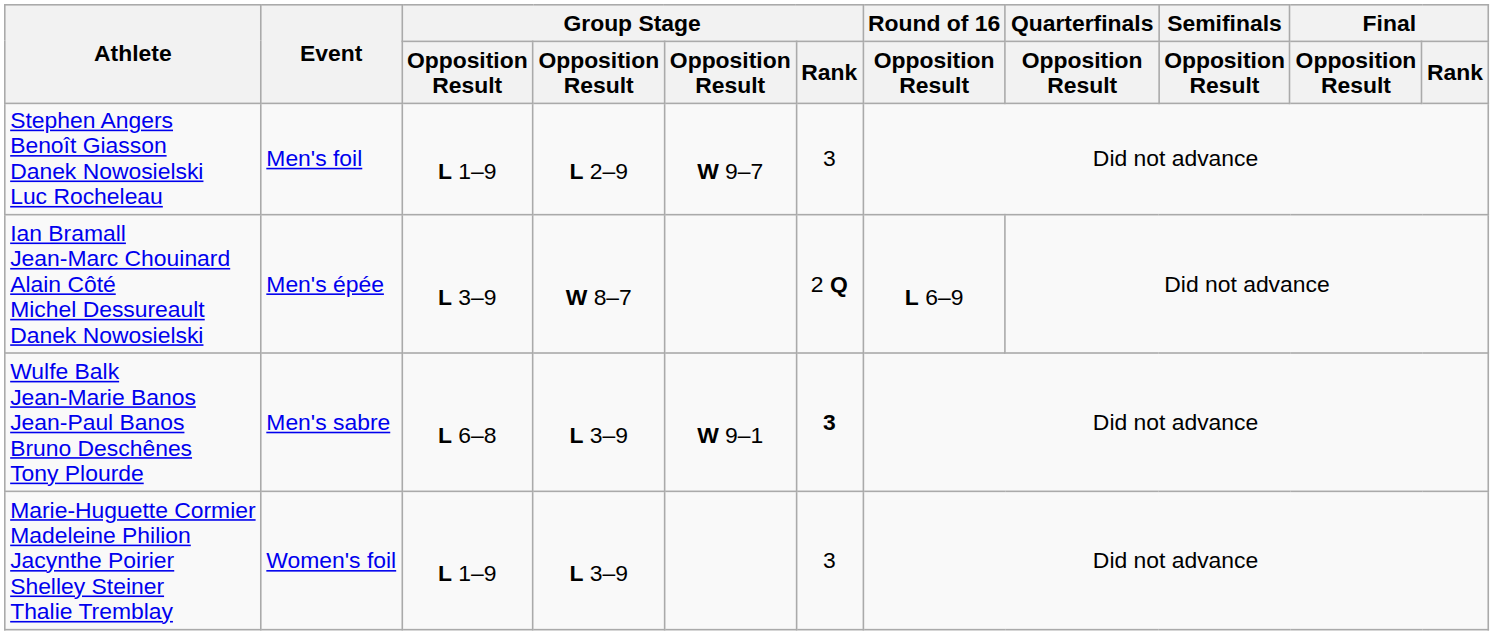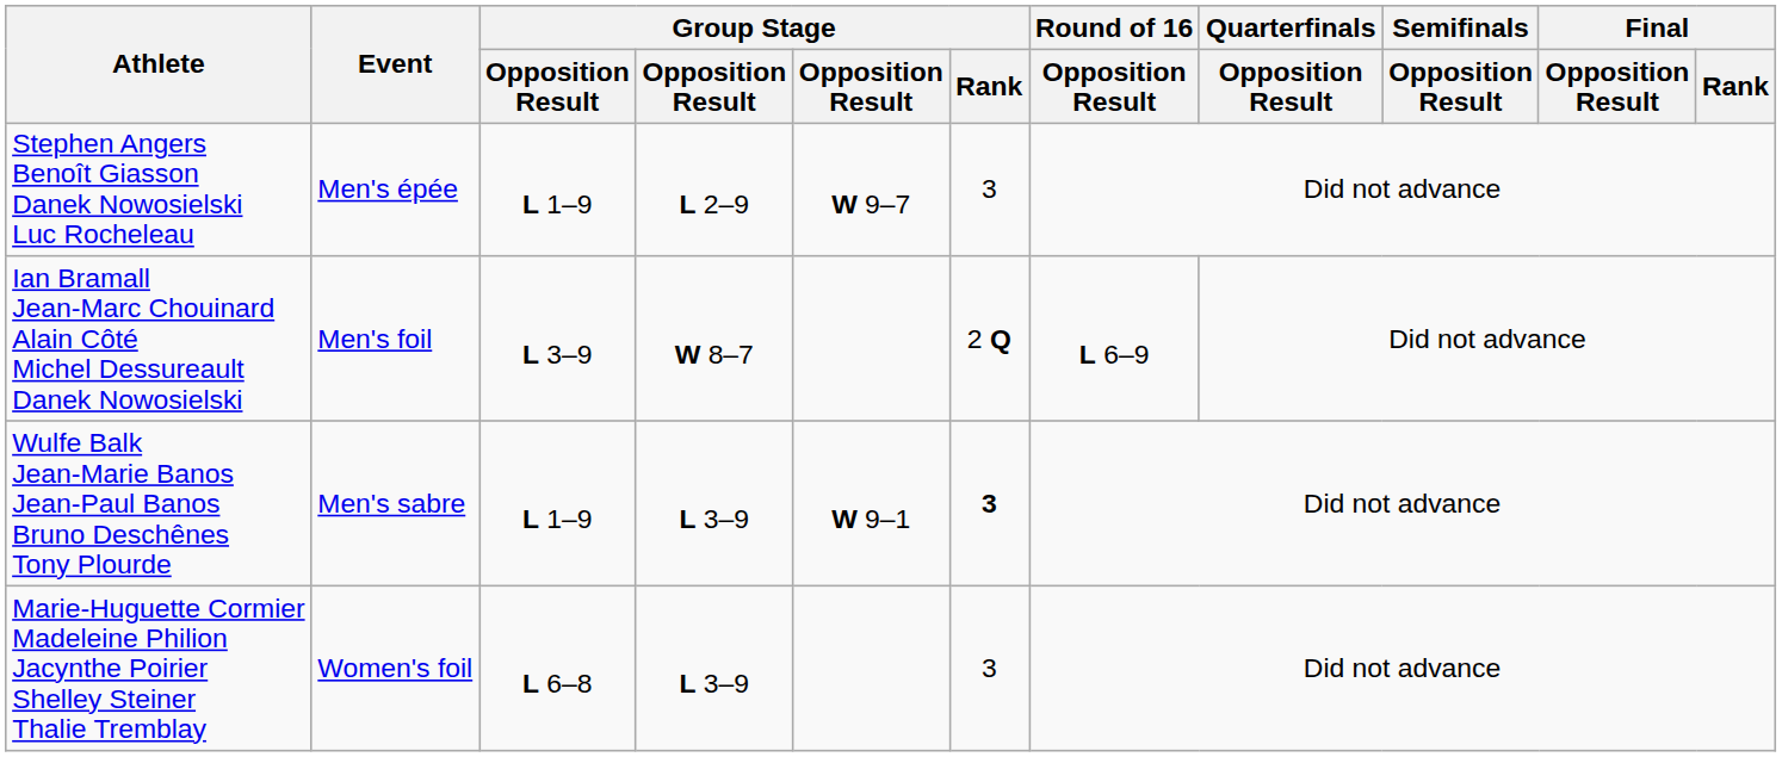 <table class=wikitable style="font-size:90%">
 <tr>
 <th rowspan="2">Athlete</th>
 <th rowspan="2">Event</th>
 <th colspan="4">Group Stage</th>
 <th>Round of 16</th>
 <th>Quarterfinals</th>
 <th>Semifinals</th>
 <th colspan="2">Final</th>
 </tr>
 <tr>
 <th>Opposition<br>Result</th>
 <th>Opposition<br>Result</th>
 <th>Opposition<br>Result</th>
 <th>Rank</th>
 <th>Opposition<br>Result</th>
 <th>Opposition<br>Result</th>
 <th>Opposition<br>Result</th>
 <th>Opposition<br>Result</th>
 <th>Rank</th>
 </tr>
 <tr align=center>
 <td align=left><a href='#'>Stephen Angers</a><br><a href='#'>Benoît Giasson</a><br><a href='#'>Danek Nowosielski</a><br><a href='#'>Luc Rocheleau</a></td>
-<td align=left><a href='#'>Men's foil</a></td>
+<td align=left><a href='#'>Men's épée</a></td>
 <td><br><strong>L</strong> 1–9</td>
 <td><br><strong>L</strong> 2–9</td>
 <td><br><strong>W</strong> 9–7</td>
 <td>3</td>
 <td colspan=5>Did not advance</td>
 </tr>
 <tr align=center>
 <td align=left><a href='#'>Ian Bramall</a><br><a href='#'>Jean-Marc Chouinard</a><br><a href='#'>Alain Côté</a><br><a href='#'>Michel Dessureault</a><br><a href='#'>Danek Nowosielski</a></td>
-<td align=left><a href='#'>Men's épée</a></td>
+<td align=left><a href='#'>Men's foil</a></td>
 <td><br><strong>L</strong> 3–9</td>
 <td><br><strong>W</strong> 8–7</td>
 <td></td>
 <td>2 <strong>Q</strong></td>
 <td><br><strong>L</strong> 6–9</td>
 <td colspan=4>Did not advance</td>
 </tr>
 <tr align=center>
 <td align=left><a href='#'>Wulfe Balk</a><br><a href='#'>Jean-Marie Banos</a><br><a href='#'>Jean-Paul Banos</a><br><a href='#'>Bruno Deschênes</a><br><a href='#'>Tony Plourde</a></td>
 <td align=left><a href='#'>Men's sabre</a></td>
-<td><br><strong>L</strong> 6–8</td>
+<td><br><strong>L</strong> 1–9</td>
 <td><br><strong>L</strong> 3–9</td>
 <td><br><strong>W</strong> 9–1</td>
 <td><strong>3</strong></td>
 <td colspan=5>Did not advance</td>
 </tr>
 <tr align=center>
 <td align=left><a href='#'>Marie-Huguette Cormier</a><br><a href='#'>Madeleine Philion</a><br><a href='#'>Jacynthe Poirier</a><br><a href='#'>Shelley Steiner</a><br><a href='#'>Thalie Tremblay</a></td>
 <td align=left><a href='#'>Women's foil</a></td>
-<td><br><strong>L</strong> 1–9</td>
+<td><br><strong>L</strong> 6–8</td>
 <td><br><strong>L</strong> 3–9</td>
 <td></td>
 <td>3</td>
 <td colspan=5>Did not advance</td>
 </tr>
 </table>
